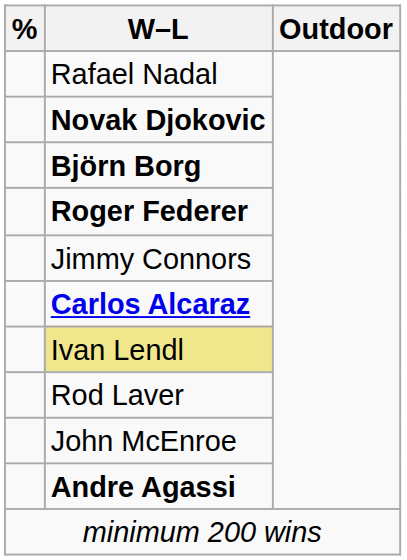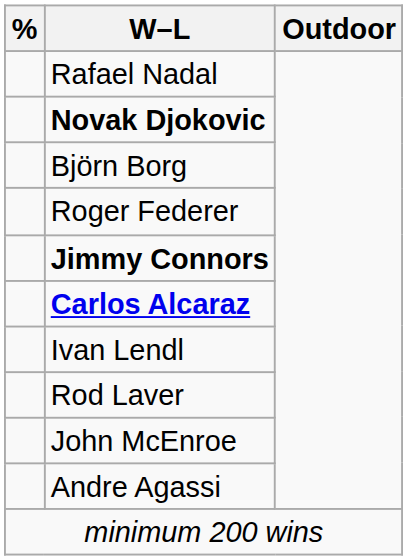 <table class="wikitable" style="display:inline-table; font-size: 95%;">
 <tr>
 <th>%</th>
 <th>W–L</th>
 <th>Outdoor</th>
 </tr>
 <tr>
 <td></td>
 <td> Rafael Nadal</td>
 </tr>
 <tr>
 <td></td>
 <td><strong> Novak Djokovic</strong></td>
 </tr>
 <tr>
 <td></td>
-<td><strong> Björn Borg</strong></td>
+<td> Björn Borg</td>
 </tr>
 <tr>
 <td></td>
-<td><strong> Roger Federer</strong></td>
+<td> Roger Federer</td>
 </tr>
 <tr>
 <td></td>
-<td> Jimmy Connors</td>
+<td><strong> Jimmy Connors</strong></td>
 </tr>
 <tr>
 <td></td>
 <td><strong> <a href='#'>Carlos Alcaraz</a></strong></td>
 </tr>
 <tr>
 <td></td>
-<td style="background: khaki;"> Ivan Lendl</td>
+<td> Ivan Lendl</td>
 </tr>
 <tr>
 <td></td>
 <td> Rod Laver</td>
 </tr>
 <tr>
 <td></td>
 <td> John McEnroe</td>
 </tr>
 <tr>
 <td></td>
-<td><strong> Andre Agassi</strong></td>
+<td> Andre Agassi</td>
 </tr>
 <tr>
 <td colspan="3" style="text-align: center;"><em>minimum 200 wins</em></td>
 </tr>
 </table>
